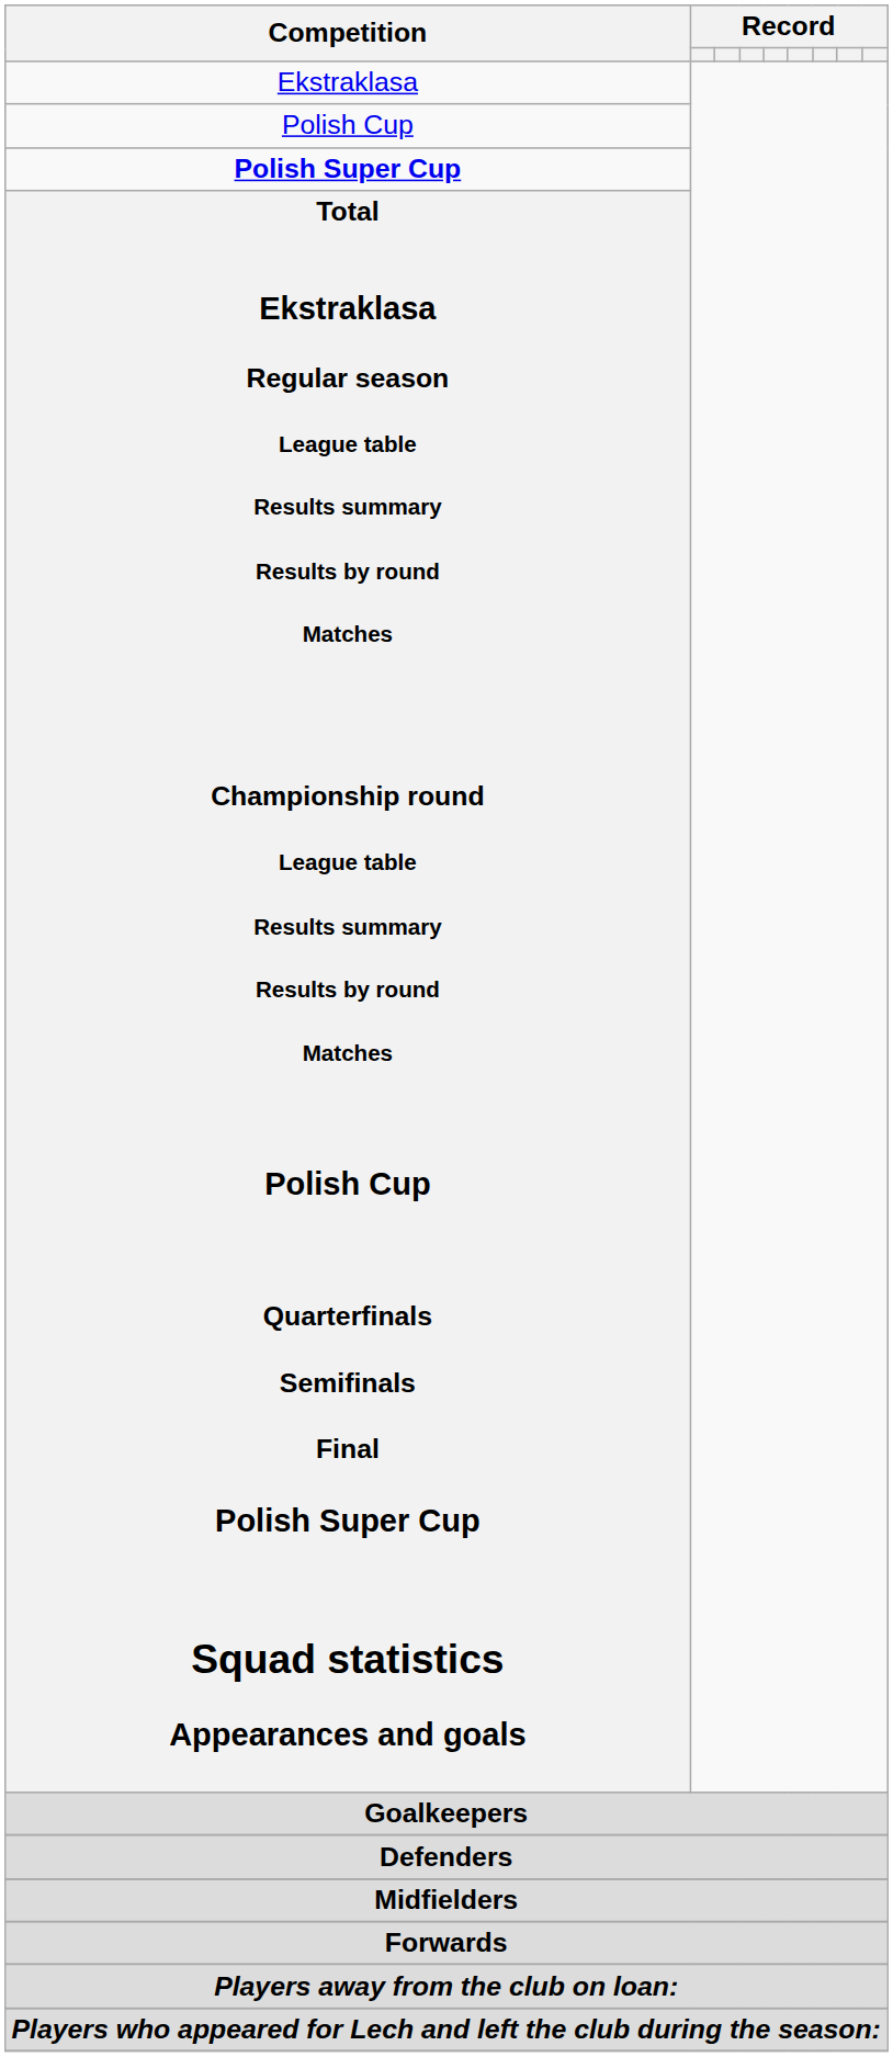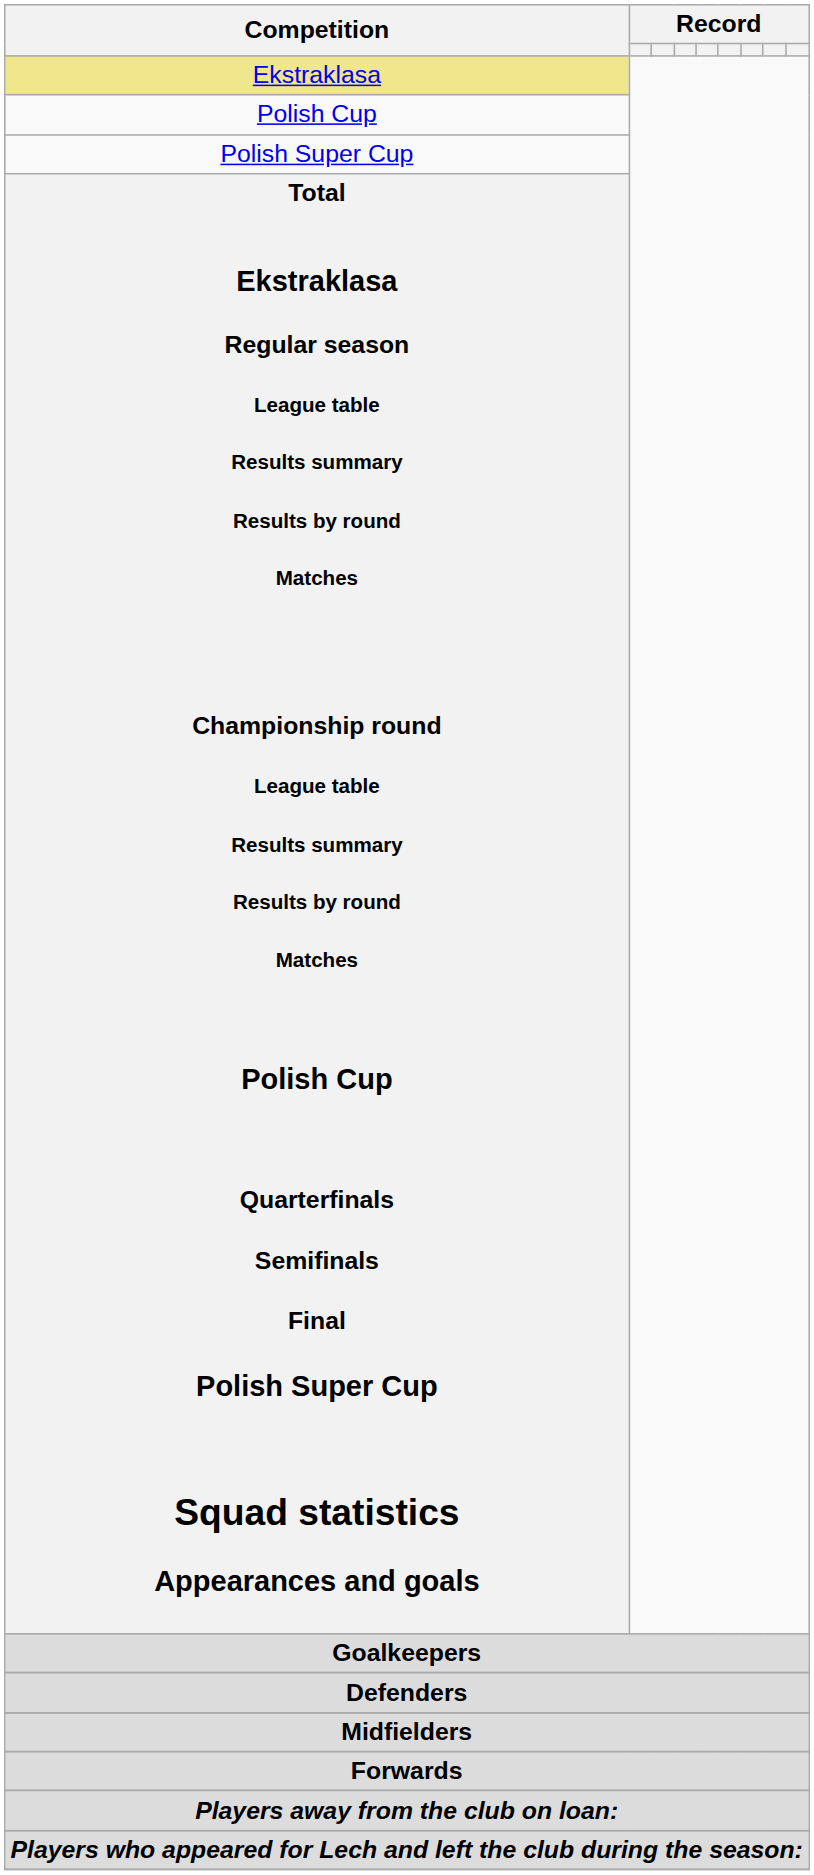 <table class="wikitable" style="text-align: center">
 <tr>
 <th rowspan=2>Competition</th>
 <th colspan=8>Record</th>
 </tr>
 <tr>
 <th></th>
 <th></th>
 <th></th>
 <th></th>
 <th></th>
 <th></th>
 <th></th>
 <th></th>
 </tr>
 <tr>
-<td><a href='#'>Ekstraklasa</a><br></td>
+<td style="background: khaki;"><a href='#'>Ekstraklasa</a><br></td>
 </tr>
 <tr>
 <td><a href='#'>Polish Cup</a><br></td>
 </tr>
 <tr>
-<td><strong><a href='#'>Polish Super Cup</a><br></strong></td>
+<td><a href='#'>Polish Super Cup</a><br></td>
 </tr>
 <tr>
 <th>Total<br><br><h3>Ekstraklasa</h3><h4>Regular season</h4><h5>League table</h5><h5>Results summary</h5> <h5>Results by round</h5><h5>Matches</h5>  <br> <br>                           <h4>Championship round</h4><h5>League table</h5><h5>Results summary</h5> <h5>Results by round</h5><h5>Matches</h5>  <br>      <h3>Polish Cup</h3><br> <h4>Quarterfinals</h4> <h4>Semifinals</h4> <h4>Final</h4><h3>Polish Super Cup</h3><br><h2>Squad statistics</h2><h3>Appearances and goals</h3></th>
 </tr>
 <tr>
 <th colspan=14 style=background:#dcdcdc; text-align:center>Goalkeepers</th>
 </tr>
 <tr>
 </tr>
 <tr>
 <th colspan=14 style=background:#dcdcdc; text-align:center>Defenders</th>
 </tr>
 <tr>
 </tr>
 <tr>
 <th colspan=14 style=background:#dcdcdc; text-align:center>Midfielders</th>
 </tr>
 <tr>
 </tr>
 <tr>
 <th colspan=14 style=background:#dcdcdc; text-align:center>Forwards</th>
 </tr>
 <tr>
 </tr>
 <tr>
 <th colspan="12" style=background:#dcdcdc; text-align:center><em>Players away from the club on loan:</em></th>
 </tr>
 <tr>
 </tr>
 <tr>
 <th colspan="12" style=background:#dcdcdc; text-align:center><em>Players who appeared for Lech and left the club during the season:</em></th>
 </tr>
 <tr>
 </tr>
 </table>
